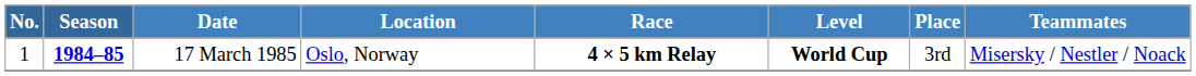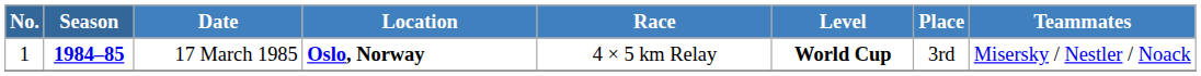 <table class="wikitable sortable" style="font-size:95%; text-align:center; border:grey solid 1px; border-collapse:collapse; background:#ffffff;">
 <tr style="background:#efefef;">
 <th style="background-color:#369; color:white;">No.</th>
 <th style="background-color:#369; color:white;">Season</th>
 <th style="background-color:#4180be; color:white; width:120px;">Date</th>
 <th style="background-color:#4180be; color:white; width:170px;">Location</th>
 <th style="background-color:#4180be; color:white; width:170px;">Race</th>
 <th style="background-color:#4180be; color:white; width:100px;">Level</th>
 <th style="background-color:#4180be; color:white;">Place</th>
 <th style="background-color:#4180be; color:white;">Teammates</th>
 </tr>
 <tr>
 <td align=center>1</td>
 <td rowspan=1 align=center><strong> <a href='#'>1984–85</a> </strong></td>
 <td align=right>17 March 1985</td>
-<td align=left> <a href='#'>Oslo</a>, Norway</td>
-<td><strong>4 × 5 km Relay</strong></td>
+<td align=left><strong> <a href='#'>Oslo</a>, Norway</strong></td>
+<td>4 × 5 km Relay</td>
 <td><strong>World Cup</strong></td>
 <td>3rd</td>
 <td><a href='#'>Misersky</a> / <a href='#'>Nestler</a> / <a href='#'>Noack</a></td>
 </tr>
 <tr>
 </tr>
 </table>
